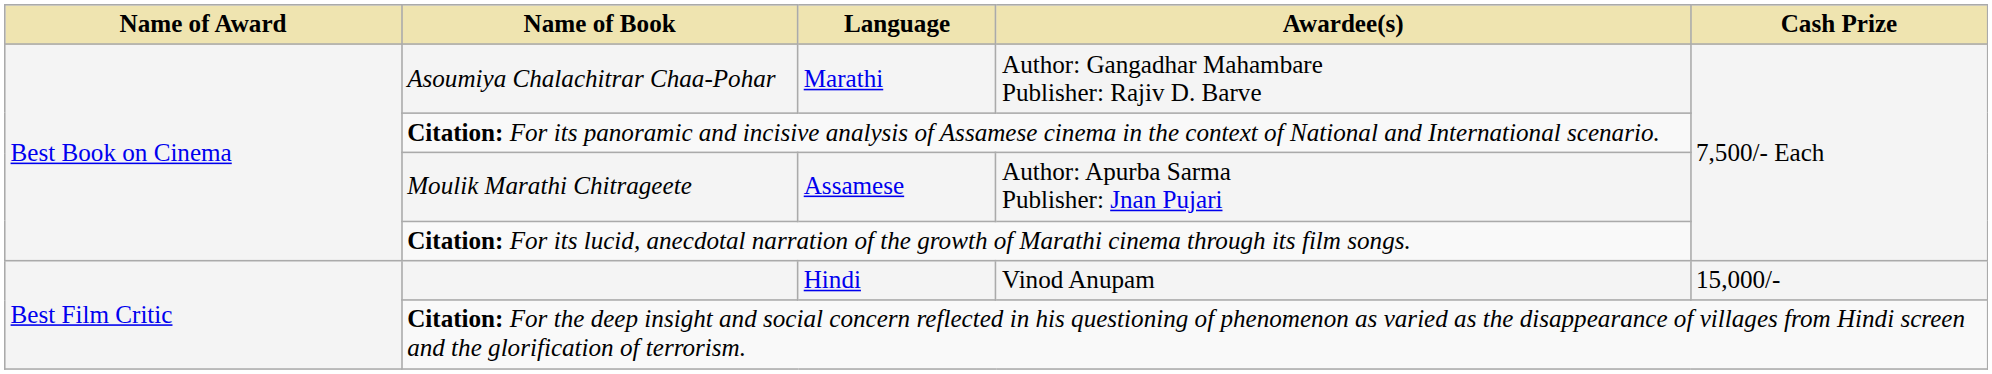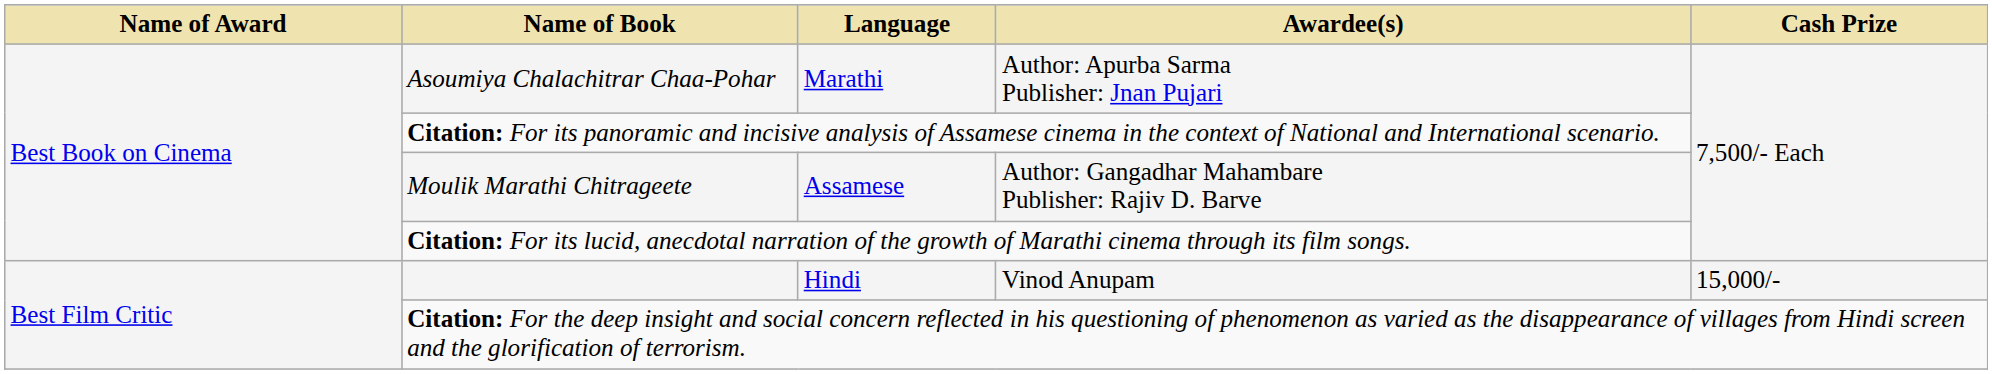 <table class="wikitable" style="width:100%;">
 <tr style="background-color:#F4F4F4">
 <th style="background-color:#EFE4B0;width:20%;">Name of Award</th>
 <th style="background-color:#EFE4B0;width:20%;">Name of Book</th>
 <th style="background-color:#EFE4B0;width:10%;">Language</th>
 <th style="background-color:#EFE4B0;width:35%;">Awardee(s)</th>
 <th style="background-color:#EFE4B0;width:15%;">Cash Prize</th>
 </tr>
 <tr style="background-color:#F4F4F4">
 <td rowspan="4"><a href='#'>Best Book on Cinema</a></td>
 <td><em>Asoumiya Chalachitrar Chaa-Pohar</em></td>
 <td><a href='#'>Marathi</a></td>
-<td>Author: Gangadhar Mahambare<br>Publisher: Rajiv D. Barve</td>
+<td>Author: Apurba Sarma<br>Publisher: <a href='#'>Jnan Pujari</a></td>
 <td rowspan="4"> 7,500/- Each</td>
 </tr>
 <tr style="background-color:#F9F9F9">
 <td colspan="3"><strong>Citation:</strong> <em>For its panoramic and incisive analysis of Assamese cinema in the context of National and International scenario.</em></td>
 </tr>
 <tr style="background-color:#F4F4F4">
 <td><em>Moulik Marathi Chitrageete</em></td>
 <td><a href='#'>Assamese</a></td>
-<td>Author: Apurba Sarma<br>Publisher: <a href='#'>Jnan Pujari</a></td>
+<td>Author: Gangadhar Mahambare<br>Publisher: Rajiv D. Barve</td>
 </tr>
 <tr style="background-color:#F9F9F9">
 <td colspan="3"><strong>Citation:</strong> <em>For its lucid, anecdotal narration of the growth of Marathi cinema through its film songs.</em></td>
 </tr>
 <tr style="background-color:#F4F4F4">
 <td rowspan="2"><a href='#'>Best Film Critic</a></td>
 <td></td>
 <td><a href='#'>Hindi</a></td>
 <td>Vinod Anupam</td>
 <td> 15,000/-</td>
 </tr>
 <tr style="background-color:#F9F9F9">
 <td colspan="4"><strong>Citation:</strong> <em>For the deep insight and social concern reflected in his questioning of phenomenon as varied as the disappearance of villages from Hindi screen and the glorification of terrorism.</em></td>
 </tr>
 </table>
